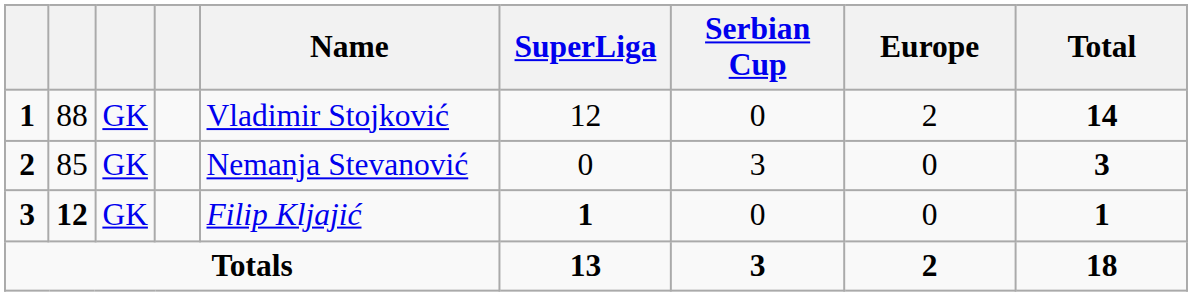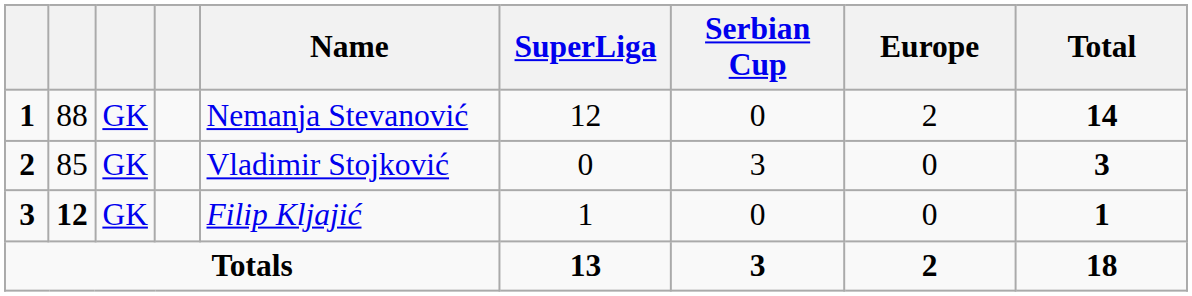 <table class="wikitable" style="text-align:center">
 <tr>
 <th width=15></th>
 <th width=15></th>
 <th width=15></th>
 <th width=15></th>
 <th width=145>Name</th>
 <th width=80><a href='#'>SuperLiga</a></th>
 <th width=80><a href='#'>Serbian Cup</a></th>
 <th width=80>Europe</th>
 <th width=80>Total</th>
 </tr>
 <tr>
 <td><strong>1</strong></td>
 <td>88</td>
 <td><a href='#'>GK</a></td>
 <td></td>
-<td align=left><a href='#'>Vladimir Stojković</a></td>
+<td align=left><a href='#'>Nemanja Stevanović</a></td>
 <td>12</td>
 <td>0</td>
 <td>2</td>
 <td><strong>14</strong></td>
 </tr>
 <tr>
 <td><strong>2</strong></td>
 <td>85</td>
 <td><a href='#'>GK</a></td>
 <td></td>
-<td align=left><a href='#'>Nemanja Stevanović</a></td>
+<td align=left><a href='#'>Vladimir Stojković</a></td>
 <td>0</td>
 <td>3</td>
 <td>0</td>
 <td><strong>3</strong></td>
 </tr>
 <tr>
 <td><strong>3</strong></td>
 <td><strong>12</strong></td>
 <td><a href='#'>GK</a></td>
 <td></td>
 <td align=left><em><a href='#'>Filip Kljajić</a></em></td>
-<td><strong>1</strong></td>
+<td>1</td>
 <td>0</td>
 <td>0</td>
 <td><strong>1</strong></td>
 </tr>
 <tr>
 <td colspan=5><strong>Totals</strong></td>
 <td><strong>13</strong></td>
 <td><strong>3</strong></td>
 <td><strong>2</strong></td>
 <td><strong>18</strong></td>
 </tr>
 </table>
